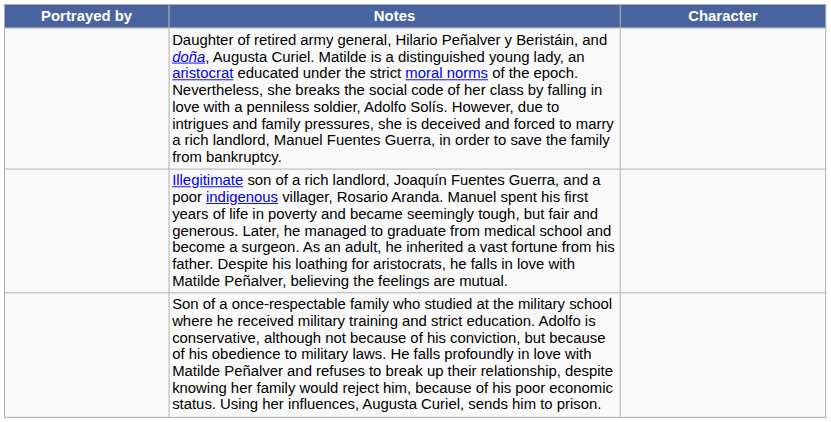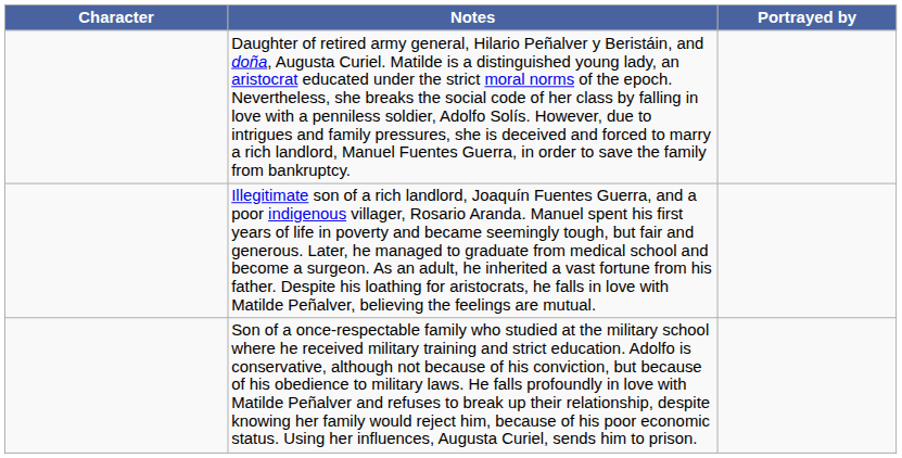 <table class="wikitable plainrowheaders" style="width:100%; margin:auto;">
 <tr style="color:white">
+<th width=25% style="background:#4863a0;">Character</th>
+<th scope="col" style="background:#4863a0;">Notes</th>
 <th width=20% style="background:#4863a0;">Portrayed by</th>
-<th scope="col" style="background:#4863a0;">Notes</th>
-<th width=25% style="background:#4863a0;">Character</th>
 </tr>
 <tr>
 <td></td>
 <td>Daughter of retired army general, Hilario Peñalver y Beristáin, and <em><a href='#'>doña</a></em>, Augusta Curiel. Matilde is a distinguished young lady, an <a href='#'>aristocrat</a> educated under the strict <a href='#'>moral norms</a> of the epoch. Nevertheless, she  breaks the social code of her class by falling in love with a penniless soldier, Adolfo Solís. However, due to intrigues and family pressures, she is deceived and forced to marry a rich landlord, Manuel Fuentes Guerra, in order to save the family from bankruptcy.</td>
 <td></td>
 </tr>
 <tr>
 <td></td>
 <td><a href='#'>Illegitimate</a> son of a rich landlord, Joaquín Fuentes Guerra, and a poor <a href='#'>indigenous</a> villager, Rosario Aranda. Manuel spent his first years of life in poverty and became  seemingly tough, but fair and generous. Later, he managed to graduate from medical school and become a surgeon. As an adult, he inherited a vast fortune from his father. Despite his loathing for aristocrats, he falls in love with Matilde Peñalver, believing the feelings are mutual.</td>
 <td></td>
 </tr>
 <tr>
 <td></td>
 <td>Son of a once-respectable family who studied at the military school where he received military training and strict education. Adolfo is conservative, although not because of his conviction, but because of his obedience to military laws. He falls profoundly in love with Matilde Peñalver and refuses to break up their relationship, despite knowing her family would reject him, because of his poor economic status. Using her influences, Augusta Curiel, sends him to prison.</td>
 <td></td>
 </tr>
 </table>
